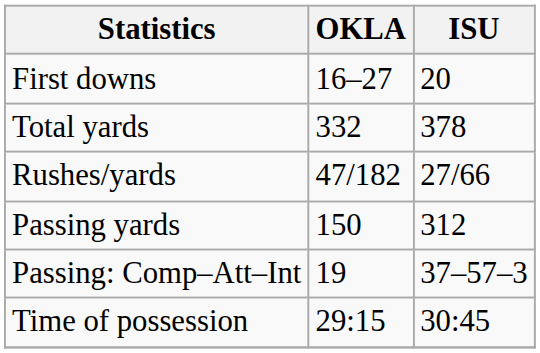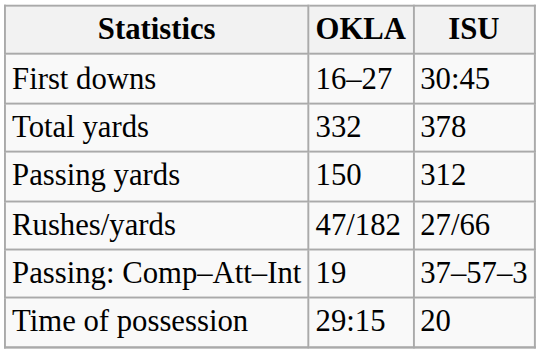 <table class="wikitable" style="float: left;">
 <tr>
 <th>Statistics</th>
 <th>OKLA</th>
 <th>ISU</th>
 </tr>
 <tr>
 <td>First downs</td>
 <td>16–27</td>
-<td>20</td>
+<td>30:45</td>
 </tr>
 <tr>
 <td>Total yards</td>
 <td>332</td>
 <td>378</td>
 </tr>
 <tr>
+<td>Passing yards</td>
+<td>150</td>
+<td>312</td>
+</tr>
+<tr>
 <td>Rushes/yards</td>
 <td>47/182</td>
 <td>27/66</td>
-</tr>
-<tr>
-<td>Passing yards</td>
-<td>150</td>
-<td>312</td>
 </tr>
 <tr>
 <td>Passing: Comp–Att–Int</td>
 <td>19</td>
 <td>37–57–3</td>
 </tr>
 <tr>
 <td>Time of possession</td>
 <td>29:15</td>
-<td>30:45</td>
+<td>20</td>
 </tr>
 <tr>
 </tr>
 </table>
